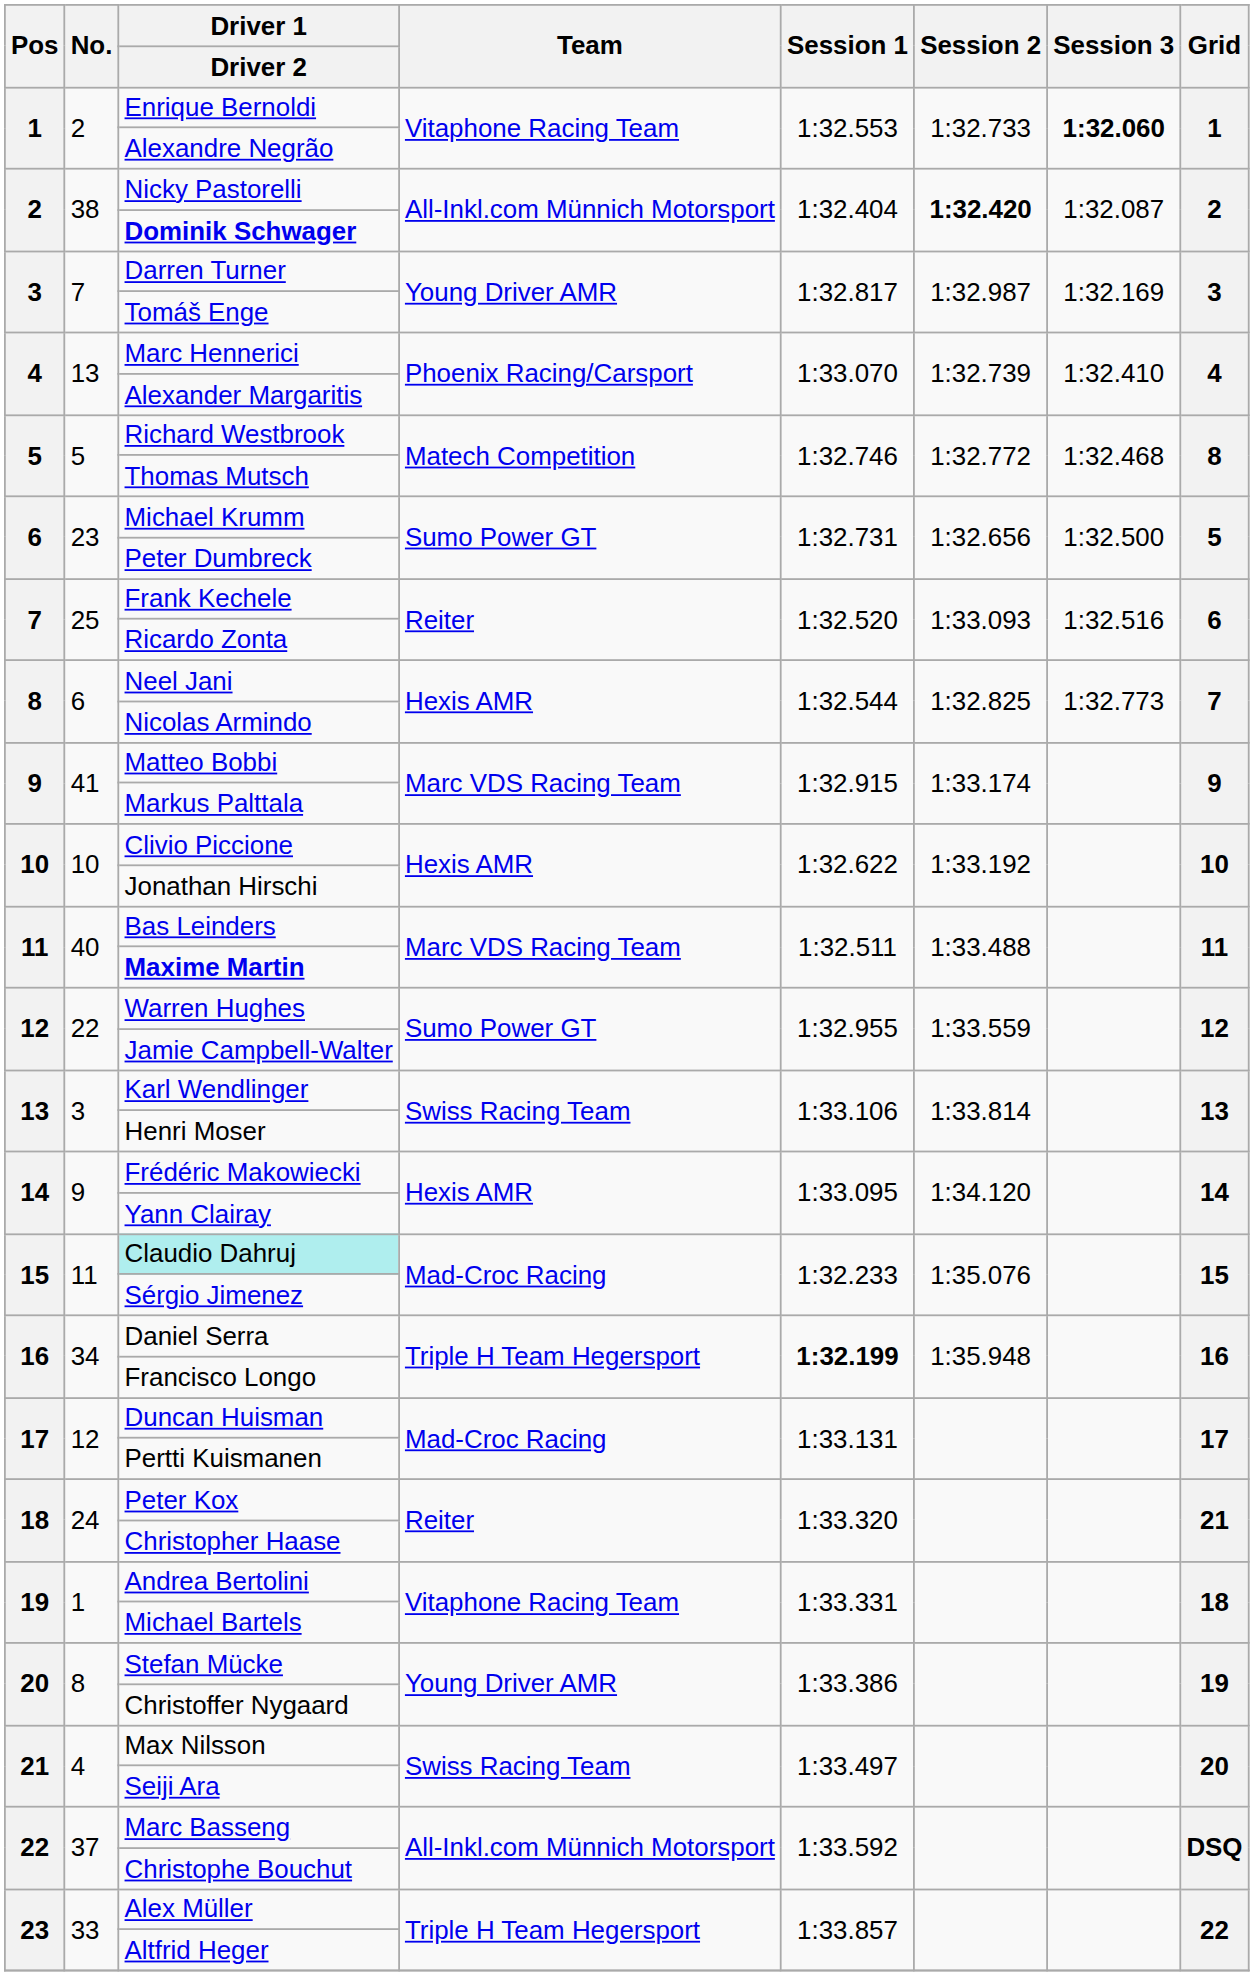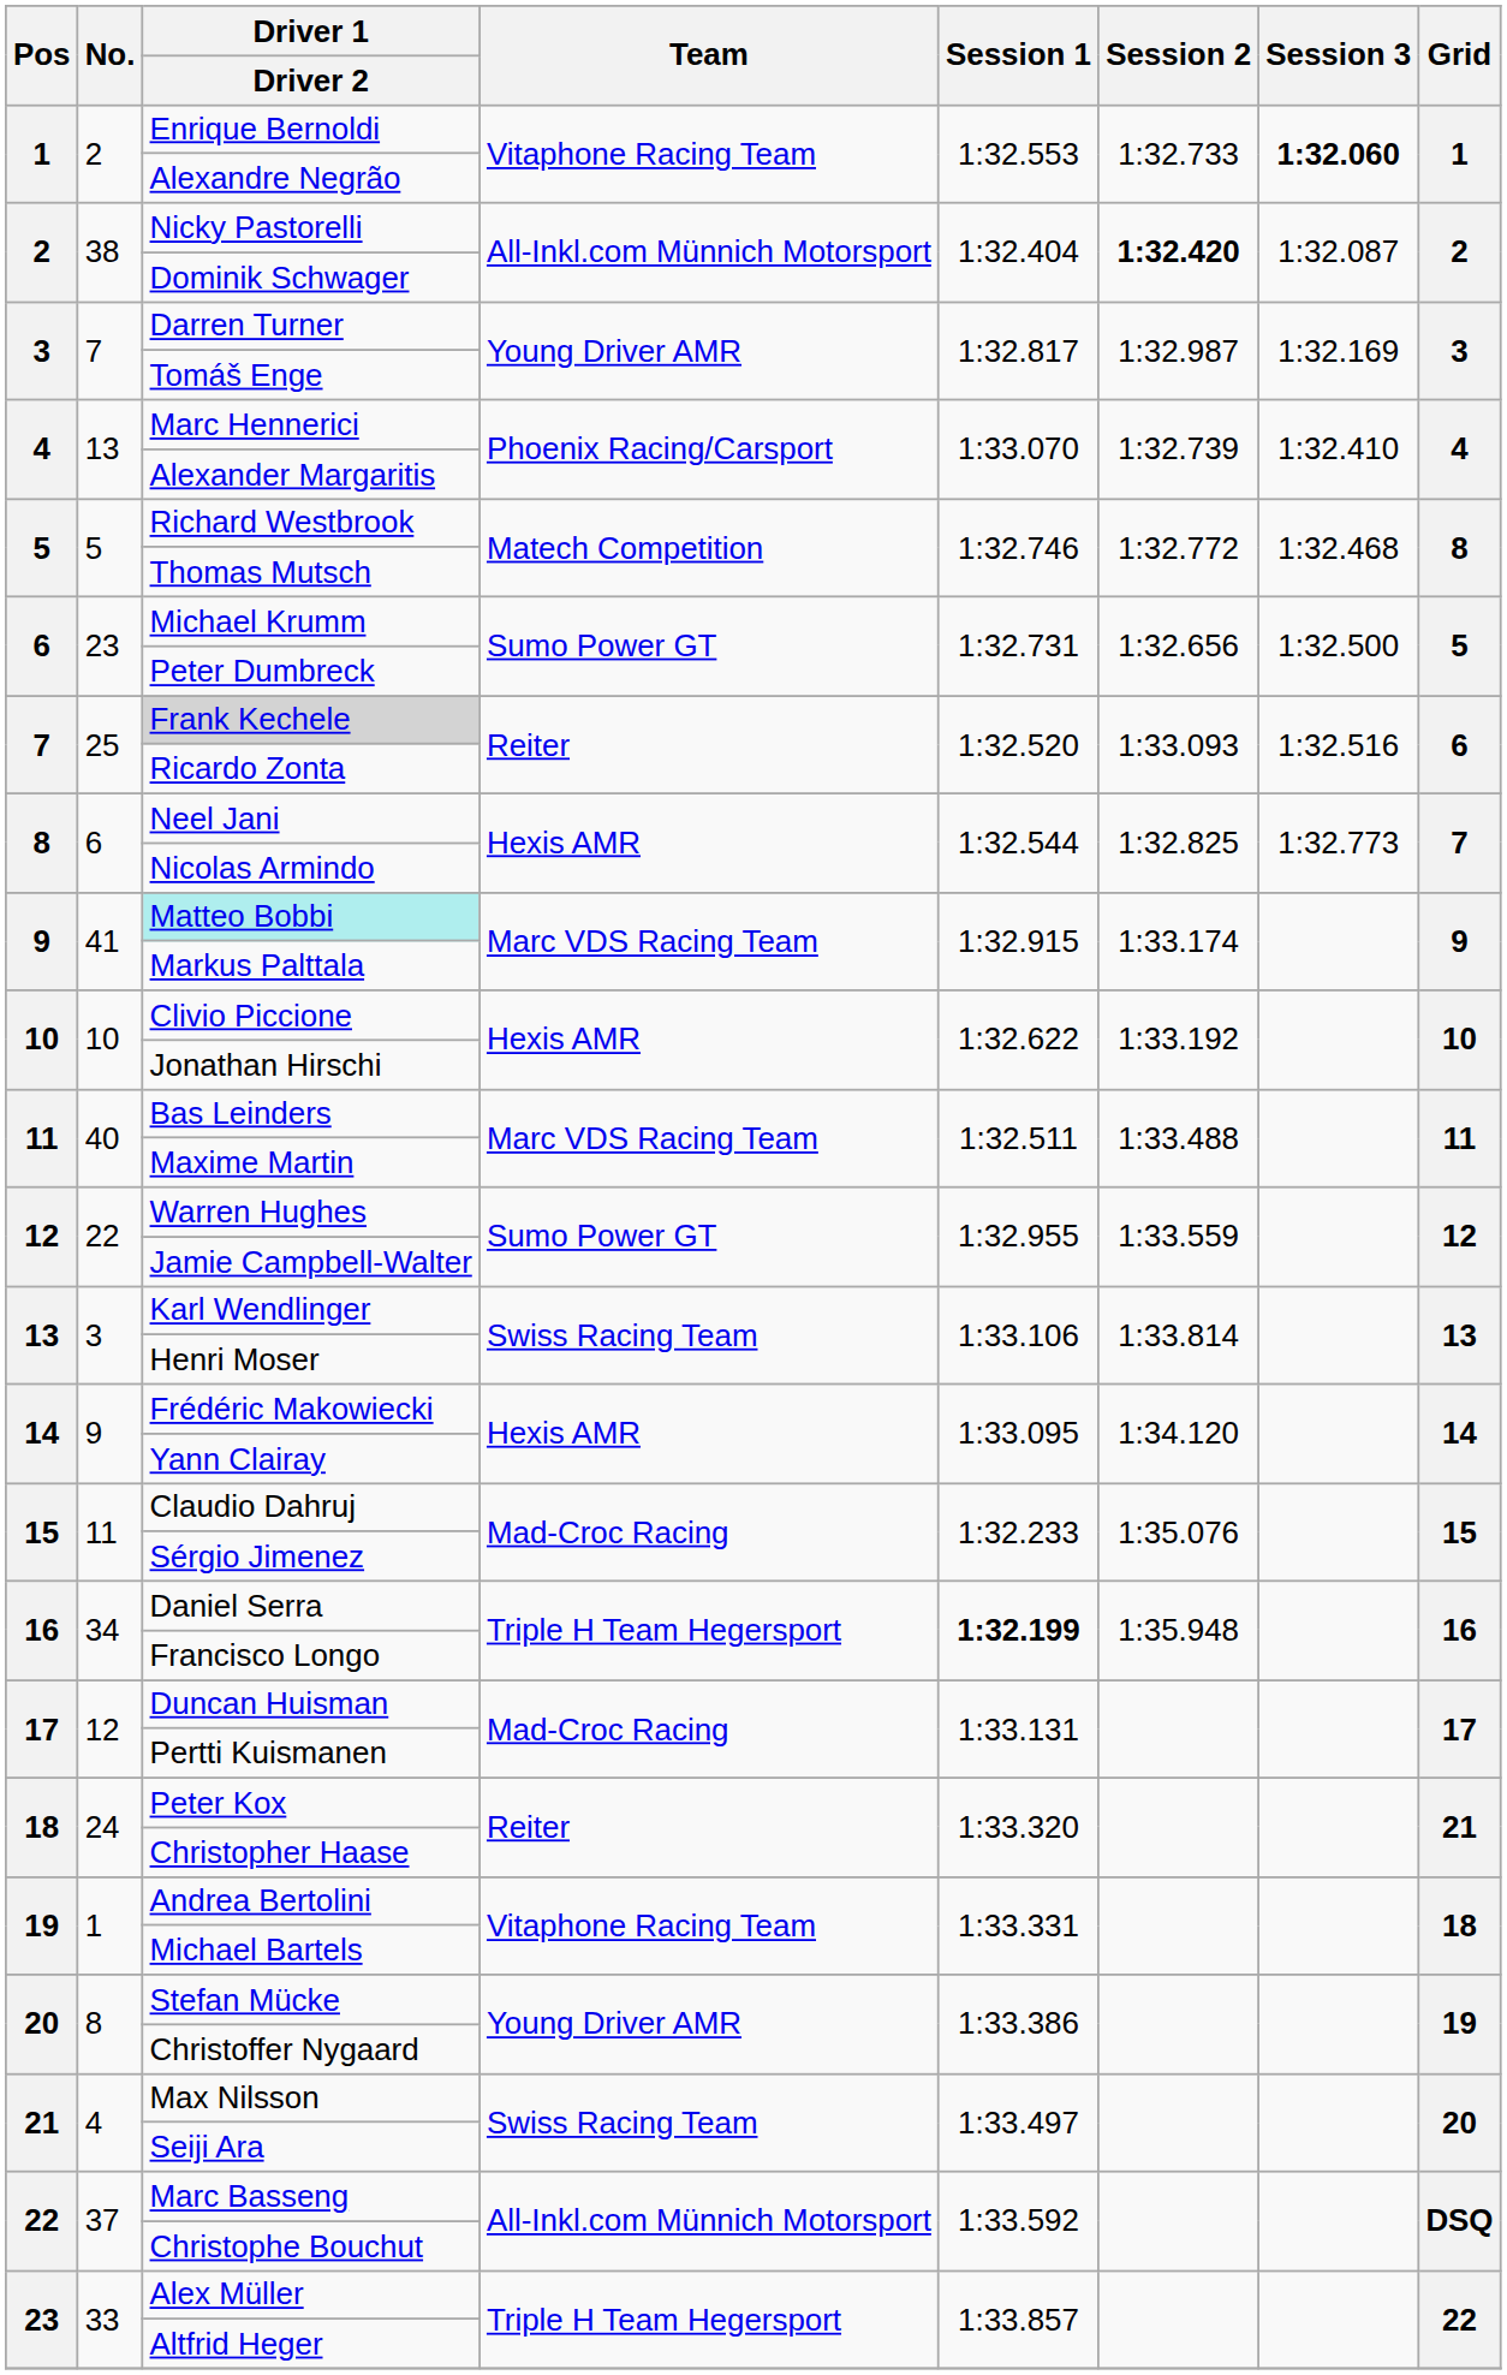 <table class="wikitable" style="font-size: 90%;">
 <tr>
 <th rowspan=2>Pos</th>
 <th rowspan=2>No.</th>
 <th>Driver 1</th>
 <th rowspan=2>Team</th>
 <th rowspan=2>Session 1</th>
 <th rowspan=2>Session 2</th>
 <th rowspan=2>Session 3</th>
 <th rowspan=2>Grid</th>
 </tr>
 <tr>
 <th>Driver 2</th>
 </tr>
 <tr>
 <th rowspan=2>1</th>
 <td rowspan=2>2</td>
 <td> <a href='#'>Enrique Bernoldi</a></td>
 <td rowspan=2> <a href='#'>Vitaphone Racing Team</a></td>
 <td rowspan=2 align="center">1:32.553</td>
 <td rowspan=2 align="center">1:32.733</td>
 <td rowspan=2 align="center"><strong>1:32.060</strong></td>
 <th rowspan=2>1</th>
 </tr>
 <tr>
 <td> <a href='#'>Alexandre Negrão</a></td>
 </tr>
 <tr>
 <th rowspan=2>2</th>
 <td rowspan=2>38</td>
 <td> <a href='#'>Nicky Pastorelli</a></td>
 <td rowspan=2> <a href='#'>All-Inkl.com Münnich Motorsport</a></td>
 <td rowspan=2 align="center">1:32.404</td>
 <td rowspan=2 align="center"><strong>1:32.420</strong></td>
 <td rowspan=2 align="center">1:32.087</td>
 <th rowspan=2>2</th>
 </tr>
 <tr>
-<td><strong> <a href='#'>Dominik Schwager</a></strong></td>
+<td> <a href='#'>Dominik Schwager</a></td>
 </tr>
 <tr>
 <th rowspan=2>3</th>
 <td rowspan=2>7</td>
 <td> <a href='#'>Darren Turner</a></td>
 <td rowspan=2> <a href='#'>Young Driver AMR</a></td>
 <td rowspan=2 align="center">1:32.817</td>
 <td rowspan=2 align="center">1:32.987</td>
 <td rowspan=2 align="center">1:32.169</td>
 <th rowspan=2>3</th>
 </tr>
 <tr>
 <td> <a href='#'>Tomáš Enge</a></td>
 </tr>
 <tr>
 <th rowspan=2>4</th>
 <td rowspan=2>13</td>
 <td> <a href='#'>Marc Hennerici</a></td>
 <td rowspan=2> <a href='#'>Phoenix Racing/Carsport</a></td>
 <td rowspan=2 align="center">1:33.070</td>
 <td rowspan=2 align="center">1:32.739</td>
 <td rowspan=2 align="center">1:32.410</td>
 <th rowspan=2>4</th>
 </tr>
 <tr>
 <td> <a href='#'>Alexander Margaritis</a></td>
 </tr>
 <tr>
 <th rowspan=2>5</th>
 <td rowspan=2>5</td>
 <td> <a href='#'>Richard Westbrook</a></td>
 <td rowspan=2> <a href='#'>Matech Competition</a></td>
 <td rowspan=2 align="center">1:32.746</td>
 <td rowspan=2 align="center">1:32.772</td>
 <td rowspan=2 align="center">1:32.468</td>
 <th rowspan=2>8</th>
 </tr>
 <tr>
 <td> <a href='#'>Thomas Mutsch</a></td>
 </tr>
 <tr>
 <th rowspan=2>6</th>
 <td rowspan=2>23</td>
 <td> <a href='#'>Michael Krumm</a></td>
 <td rowspan=2> <a href='#'>Sumo Power GT</a></td>
 <td rowspan=2 align="center">1:32.731</td>
 <td rowspan=2 align="center">1:32.656</td>
 <td rowspan=2 align="center">1:32.500</td>
 <th rowspan=2>5</th>
 </tr>
 <tr>
 <td> <a href='#'>Peter Dumbreck</a></td>
 </tr>
 <tr>
 <th rowspan=2>7</th>
 <td rowspan=2>25</td>
-<td> <a href='#'>Frank Kechele</a></td>
+<td style="background: lightgrey;"> <a href='#'>Frank Kechele</a></td>
 <td rowspan=2> <a href='#'>Reiter</a></td>
 <td rowspan=2 align="center">1:32.520</td>
 <td rowspan=2 align="center">1:33.093</td>
 <td rowspan=2 align="center">1:32.516</td>
 <th rowspan=2>6</th>
 </tr>
 <tr>
 <td> <a href='#'>Ricardo Zonta</a></td>
 </tr>
 <tr>
 <th rowspan=2>8</th>
 <td rowspan=2>6</td>
 <td> <a href='#'>Neel Jani</a></td>
 <td rowspan=2> <a href='#'>Hexis AMR</a></td>
 <td rowspan=2 align="center">1:32.544</td>
 <td rowspan=2 align="center">1:32.825</td>
 <td rowspan=2 align="center">1:32.773</td>
 <th rowspan=2>7</th>
 </tr>
 <tr>
 <td> <a href='#'>Nicolas Armindo</a></td>
 </tr>
 <tr>
 <th rowspan=2>9</th>
 <td rowspan=2>41</td>
-<td> <a href='#'>Matteo Bobbi</a></td>
+<td style="background: paleturquoise;"> <a href='#'>Matteo Bobbi</a></td>
 <td rowspan=2> <a href='#'>Marc VDS Racing Team</a></td>
 <td rowspan=2 align="center">1:32.915</td>
 <td rowspan=2 align="center">1:33.174</td>
 <td rowspan=2 align="center"></td>
 <th rowspan=2>9</th>
 </tr>
 <tr>
 <td> <a href='#'>Markus Palttala</a></td>
 </tr>
 <tr>
 <th rowspan=2>10</th>
 <td rowspan=2>10</td>
 <td> <a href='#'>Clivio Piccione</a></td>
 <td rowspan=2> <a href='#'>Hexis AMR</a></td>
 <td rowspan=2 align="center">1:32.622</td>
 <td rowspan=2 align="center">1:33.192</td>
 <td rowspan=2 align="center"></td>
 <th rowspan=2>10</th>
 </tr>
 <tr>
 <td> Jonathan Hirschi</td>
 </tr>
 <tr>
 <th rowspan=2>11</th>
 <td rowspan=2>40</td>
 <td> <a href='#'>Bas Leinders</a></td>
 <td rowspan=2> <a href='#'>Marc VDS Racing Team</a></td>
 <td rowspan=2 align="center">1:32.511</td>
 <td rowspan=2 align="center">1:33.488</td>
 <td rowspan=2 align="center"></td>
 <th rowspan=2>11</th>
 </tr>
 <tr>
-<td><strong> <a href='#'>Maxime Martin</a></strong></td>
+<td> <a href='#'>Maxime Martin</a></td>
 </tr>
 <tr>
 <th rowspan=2>12</th>
 <td rowspan=2>22</td>
 <td> <a href='#'>Warren Hughes</a></td>
 <td rowspan=2> <a href='#'>Sumo Power GT</a></td>
 <td rowspan=2 align="center">1:32.955</td>
 <td rowspan=2 align="center">1:33.559</td>
 <td rowspan=2 align="center"></td>
 <th rowspan=2>12</th>
 </tr>
 <tr>
 <td> <a href='#'>Jamie Campbell-Walter</a></td>
 </tr>
 <tr>
 <th rowspan=2>13</th>
 <td rowspan=2>3</td>
 <td> <a href='#'>Karl Wendlinger</a></td>
 <td rowspan=2> <a href='#'>Swiss Racing Team</a></td>
 <td rowspan=2 align="center">1:33.106</td>
 <td rowspan=2 align="center">1:33.814</td>
 <td rowspan=2 align="center"></td>
 <th rowspan=2>13</th>
 </tr>
 <tr>
 <td> Henri Moser</td>
 </tr>
 <tr>
 <th rowspan=2>14</th>
 <td rowspan=2>9</td>
 <td> <a href='#'>Frédéric Makowiecki</a></td>
 <td rowspan=2> <a href='#'>Hexis AMR</a></td>
 <td rowspan=2 align="center">1:33.095</td>
 <td rowspan=2 align="center">1:34.120</td>
 <td rowspan=2 align="center"></td>
 <th rowspan=2>14</th>
 </tr>
 <tr>
 <td> <a href='#'>Yann Clairay</a></td>
 </tr>
 <tr>
 <th rowspan=2>15</th>
 <td rowspan=2>11</td>
-<td style="background: paleturquoise;"> Claudio Dahruj</td>
+<td> Claudio Dahruj</td>
 <td rowspan=2> <a href='#'>Mad-Croc Racing</a></td>
 <td rowspan=2 align="center">1:32.233</td>
 <td rowspan=2 align="center">1:35.076</td>
 <td rowspan=2 align="center"></td>
 <th rowspan=2>15</th>
 </tr>
 <tr>
 <td> <a href='#'>Sérgio Jimenez</a></td>
 </tr>
 <tr>
 <th rowspan=2>16</th>
 <td rowspan=2>34</td>
 <td> Daniel Serra</td>
 <td rowspan=2> <a href='#'>Triple H Team Hegersport</a></td>
 <td rowspan=2 align="center"><strong>1:32.199</strong></td>
 <td rowspan=2 align="center">1:35.948</td>
 <td rowspan=2 align="center"></td>
 <th rowspan=2>16</th>
 </tr>
 <tr>
 <td> Francisco Longo</td>
 </tr>
 <tr>
 <th rowspan=2>17</th>
 <td rowspan=2>12</td>
 <td> <a href='#'>Duncan Huisman</a></td>
 <td rowspan=2> <a href='#'>Mad-Croc Racing</a></td>
 <td rowspan=2 align="center">1:33.131</td>
 <td rowspan=2 align="center"></td>
 <td rowspan=2 align="center"></td>
 <th rowspan=2>17</th>
 </tr>
 <tr>
 <td> Pertti Kuismanen</td>
 </tr>
 <tr>
 <th rowspan=2>18</th>
 <td rowspan=2>24</td>
 <td> <a href='#'>Peter Kox</a></td>
 <td rowspan=2> <a href='#'>Reiter</a></td>
 <td rowspan=2 align="center">1:33.320</td>
 <td rowspan=2 align="center"></td>
 <td rowspan=2 align="center"></td>
 <th rowspan=2>21</th>
 </tr>
 <tr>
 <td> <a href='#'>Christopher Haase</a></td>
 </tr>
 <tr>
 <th rowspan=2>19</th>
 <td rowspan=2>1</td>
 <td> <a href='#'>Andrea Bertolini</a></td>
 <td rowspan=2> <a href='#'>Vitaphone Racing Team</a></td>
 <td rowspan=2 align="center">1:33.331</td>
 <td rowspan=2 align="center"></td>
 <td rowspan=2 align="center"></td>
 <th rowspan=2>18</th>
 </tr>
 <tr>
 <td> <a href='#'>Michael Bartels</a></td>
 </tr>
 <tr>
 <th rowspan=2>20</th>
 <td rowspan=2>8</td>
 <td> <a href='#'>Stefan Mücke</a></td>
 <td rowspan=2> <a href='#'>Young Driver AMR</a></td>
 <td rowspan=2 align="center">1:33.386</td>
 <td rowspan=2 align="center"></td>
 <td rowspan=2 align="center"></td>
 <th rowspan=2>19</th>
 </tr>
 <tr>
 <td> Christoffer Nygaard</td>
 </tr>
 <tr>
 <th rowspan=2>21</th>
 <td rowspan=2>4</td>
 <td> Max Nilsson</td>
 <td rowspan=2> <a href='#'>Swiss Racing Team</a></td>
 <td rowspan=2 align="center">1:33.497</td>
 <td rowspan=2 align="center"></td>
 <td rowspan=2 align="center"></td>
 <th rowspan=2>20</th>
 </tr>
 <tr>
 <td> <a href='#'>Seiji Ara</a></td>
 </tr>
 <tr>
 <th rowspan=2>22</th>
 <td rowspan=2>37</td>
 <td> <a href='#'>Marc Basseng</a></td>
 <td rowspan=2> <a href='#'>All-Inkl.com Münnich Motorsport</a></td>
 <td rowspan=2 align="center">1:33.592</td>
 <td rowspan=2 align="center"></td>
 <td rowspan=2 align="center"></td>
 <th rowspan=2>DSQ</th>
 </tr>
 <tr>
 <td> <a href='#'>Christophe Bouchut</a></td>
 </tr>
 <tr>
 <th rowspan=2>23</th>
 <td rowspan=2>33</td>
 <td> <a href='#'>Alex Müller</a></td>
 <td rowspan=2> <a href='#'>Triple H Team Hegersport</a></td>
 <td rowspan=2 align="center">1:33.857</td>
 <td rowspan=2 align="center"></td>
 <td rowspan=2 align="center"></td>
 <th rowspan=2>22</th>
 </tr>
 <tr>
 <td> <a href='#'>Altfrid Heger</a></td>
 </tr>
 <tr>
 </tr>
 </table>
